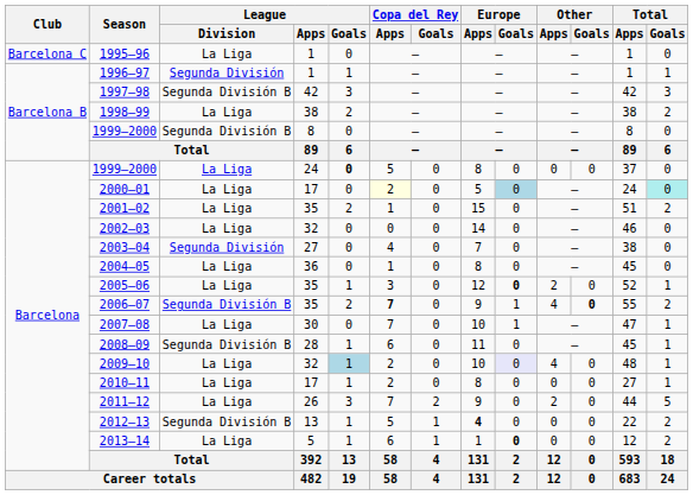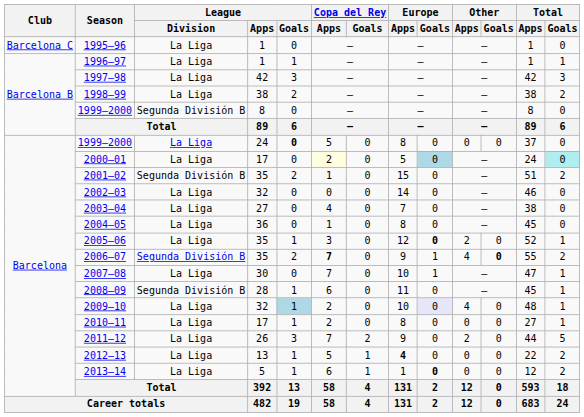 <table class="wikitable" style="text-align:center">
 <tr>
 <th rowspan="2">Club</th>
 <th rowspan="2">Season</th>
 <th colspan="3">League</th>
 <th colspan="2"><a href='#'>Copa del Rey</a></th>
 <th colspan="2">Europe</th>
 <th colspan="2">Other</th>
 <th colspan="2">Total</th>
 </tr>
 <tr>
 <th>Division</th>
 <th>Apps</th>
 <th>Goals</th>
 <th>Apps</th>
 <th>Goals</th>
 <th>Apps</th>
 <th>Goals</th>
 <th>Apps</th>
 <th>Goals</th>
 <th>Apps</th>
 <th>Goals</th>
 </tr>
 <tr>
 <td><a href='#'>Barcelona C</a></td>
 <td><a href='#'>1995–96</a></td>
 <td>La Liga</td>
 <td>1</td>
 <td>0</td>
 <td colspan="2">—</td>
 <td colspan="2">—</td>
 <td colspan="2">—</td>
 <td>1</td>
 <td>0</td>
 </tr>
 <tr>
 <td rowspan="5"><a href='#'>Barcelona B</a></td>
 <td><a href='#'>1996–97</a></td>
-<td><a href='#'>Segunda División</a></td>
+<td>La Liga</td>
 <td>1</td>
 <td>1</td>
 <td colspan="2">—</td>
 <td colspan="2">—</td>
 <td colspan="2">—</td>
 <td>1</td>
 <td>1</td>
 </tr>
 <tr>
 <td><a href='#'>1997–98</a></td>
-<td>Segunda División B</td>
+<td>La Liga</td>
 <td>42</td>
 <td>3</td>
 <td colspan="2">—</td>
 <td colspan="2">—</td>
 <td colspan="2">—</td>
 <td>42</td>
 <td>3</td>
 </tr>
 <tr>
 <td !colspan="2"><a href='#'>1998–99</a></td>
 <td>La Liga</td>
 <td>38</td>
 <td>2</td>
 <td colspan="2">—</td>
 <td colspan="2">—</td>
 <td colspan="2">—</td>
 <td>38</td>
 <td>2</td>
 </tr>
 <tr>
 <td !colspan="2"><a href='#'>1999–2000</a></td>
 <td>Segunda División B</td>
 <td>8</td>
 <td>0</td>
 <td colspan="2">—</td>
 <td colspan="2">—</td>
 <td colspan="2">—</td>
 <td>8</td>
 <td>0</td>
 </tr>
 <tr>
 <th colspan="2">Total</th>
 <th>89</th>
 <th>6</th>
 <th colspan="2">—</th>
 <th colspan="2">—</th>
 <th colspan="2">—</th>
 <th>89</th>
 <th>6</th>
 </tr>
 <tr>
 <td rowspan="16"><a href='#'>Barcelona</a></td>
 <td><a href='#'>1999–2000</a></td>
 <td><a href='#'>La Liga</a></td>
 <td>24</td>
 <td><strong>0</strong></td>
 <td>5</td>
 <td>0</td>
 <td>8</td>
 <td>0</td>
 <td>0</td>
 <td>0</td>
 <td>37</td>
 <td>0</td>
 </tr>
 <tr>
 <td><a href='#'>2000–01</a></td>
 <td>La Liga</td>
 <td>17</td>
 <td>0</td>
 <td style="background: lightyellow;">2</td>
 <td>0</td>
 <td>5</td>
 <td style="background: lightblue;">0</td>
 <td colspan="2">—</td>
 <td>24</td>
 <td style="background: paleturquoise;">0</td>
 </tr>
 <tr>
 <td><a href='#'>2001–02</a></td>
-<td>La Liga</td>
+<td>Segunda División B</td>
 <td>35</td>
 <td>2</td>
 <td>1</td>
 <td>0</td>
 <td>15</td>
 <td>0</td>
 <td colspan="2">—</td>
 <td>51</td>
 <td>2</td>
 </tr>
 <tr>
 <td><a href='#'>2002–03</a></td>
 <td>La Liga</td>
 <td>32</td>
 <td>0</td>
 <td>0</td>
 <td>0</td>
 <td>14</td>
 <td>0</td>
 <td colspan="2">—</td>
 <td>46</td>
 <td>0</td>
 </tr>
 <tr>
 <td><a href='#'>2003–04</a></td>
-<td><a href='#'>Segunda División</a></td>
+<td>La Liga</td>
 <td>27</td>
 <td>0</td>
 <td>4</td>
 <td>0</td>
 <td>7</td>
 <td>0</td>
 <td colspan="2">—</td>
 <td>38</td>
 <td>0</td>
 </tr>
 <tr>
 <td><a href='#'>2004–05</a></td>
 <td>La Liga</td>
 <td>36</td>
 <td>0</td>
 <td>1</td>
 <td>0</td>
 <td>8</td>
 <td>0</td>
 <td colspan="2">—</td>
 <td>45</td>
 <td>0</td>
 </tr>
 <tr>
 <td><a href='#'>2005–06</a></td>
 <td>La Liga</td>
 <td>35</td>
 <td>1</td>
 <td>3</td>
 <td>0</td>
 <td>12</td>
 <td><strong>0</strong></td>
 <td>2</td>
 <td>0</td>
 <td>52</td>
 <td>1</td>
 </tr>
 <tr>
 <td><a href='#'>2006–07</a></td>
 <td><a href='#'>Segunda División B</a></td>
 <td>35</td>
 <td>2</td>
 <td><strong>7</strong></td>
 <td>0</td>
 <td>9</td>
 <td>1</td>
 <td>4</td>
 <td><strong>0</strong></td>
 <td>55</td>
 <td>2</td>
 </tr>
 <tr>
 <td><a href='#'>2007–08</a></td>
 <td>La Liga</td>
 <td>30</td>
 <td>0</td>
 <td>7</td>
 <td>0</td>
 <td>10</td>
 <td>1</td>
 <td colspan="2">—</td>
 <td>47</td>
 <td>1</td>
 </tr>
 <tr>
 <td><a href='#'>2008–09</a></td>
 <td>Segunda División B</td>
 <td>28</td>
 <td>1</td>
 <td>6</td>
 <td>0</td>
 <td>11</td>
 <td>0</td>
 <td colspan="2">—</td>
 <td>45</td>
 <td>1</td>
 </tr>
 <tr>
 <td><a href='#'>2009–10</a></td>
 <td>La Liga</td>
 <td>32</td>
 <td style="background: lightblue;">1</td>
 <td>2</td>
 <td>0</td>
 <td>10</td>
 <td style="background: lavender;">0</td>
 <td>4</td>
 <td>0</td>
 <td>48</td>
 <td>1</td>
 </tr>
 <tr>
 <td><a href='#'>2010–11</a></td>
 <td>La Liga</td>
 <td>17</td>
 <td>1</td>
 <td>2</td>
 <td>0</td>
 <td>8</td>
 <td>0</td>
 <td>0</td>
 <td>0</td>
 <td>27</td>
 <td>1</td>
 </tr>
 <tr>
 <td><a href='#'>2011–12</a></td>
 <td>La Liga</td>
 <td>26</td>
 <td>3</td>
 <td>7</td>
 <td>2</td>
 <td>9</td>
 <td>0</td>
 <td>2</td>
 <td>0</td>
 <td>44</td>
 <td>5</td>
 </tr>
 <tr>
 <td><a href='#'>2012–13</a></td>
-<td>Segunda División B</td>
+<td>La Liga</td>
 <td>13</td>
 <td>1</td>
 <td>5</td>
 <td>1</td>
 <td><strong>4</strong></td>
 <td>0</td>
 <td>0</td>
 <td>0</td>
 <td>22</td>
 <td>2</td>
 </tr>
 <tr>
 <td><a href='#'>2013–14</a></td>
 <td>La Liga</td>
 <td>5</td>
 <td>1</td>
 <td>6</td>
 <td>1</td>
 <td>1</td>
 <td><strong>0</strong></td>
 <td>0</td>
 <td>0</td>
 <td>12</td>
 <td>2</td>
 </tr>
 <tr>
 <th colspan="2">Total</th>
 <th>392</th>
 <th>13</th>
 <th>58</th>
 <th>4</th>
 <th>131</th>
 <th>2</th>
 <th>12</th>
 <th>0</th>
 <th>593</th>
 <th>18</th>
 </tr>
 <tr>
 <th colspan="3">Career totals</th>
 <th>482</th>
 <th>19</th>
 <th>58</th>
 <th>4</th>
 <th>131</th>
 <th>2</th>
 <th>12</th>
 <th>0</th>
 <th>683</th>
 <th>24</th>
 </tr>
 </table>
